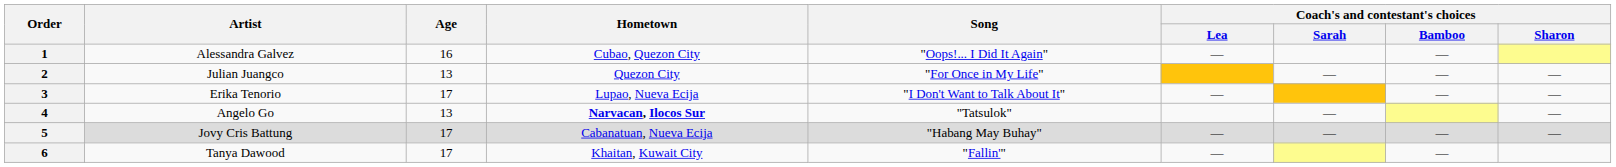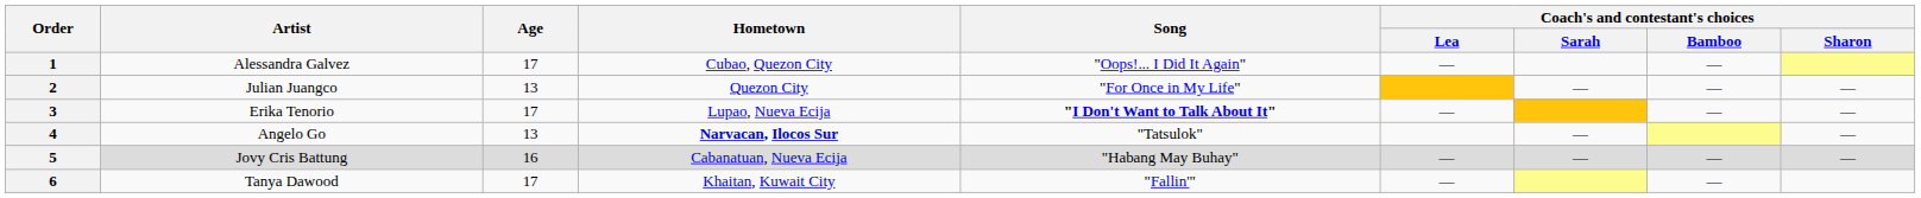 <table class="wikitable" style="text-align:center; line-height:17px; width:100%;">
 <tr>
 <th scope="col" rowspan="2" width="05%">Order</th>
 <th scope="col" rowspan="2" width="20%">Artist</th>
 <th scope="col" rowspan="2" width="05%">Age</th>
 <th scope="col" rowspan="2" width="20%">Hometown</th>
 <th scope="col" rowspan="2" width="22%">Song</th>
 <th scope="col" colspan="4" width="28%">Coach's and contestant's choices</th>
 </tr>
 <tr>
 <th width="07%"><a href='#'>Lea</a></th>
 <th width="07%"><a href='#'>Sarah</a></th>
 <th width="07%"><a href='#'>Bamboo</a></th>
 <th width="07%"><a href='#'>Sharon</a></th>
 </tr>
 <tr>
 <th>1</th>
 <td>Alessandra Galvez</td>
-<td>16</td>
+<td>17</td>
 <td><a href='#'>Cubao</a>, <a href='#'>Quezon City</a></td>
 <td>"<a href='#'>Oops!... I Did It Again</a>"</td>
 <td>—</td>
 <td><strong></strong></td>
 <td>—</td>
 <td style="background:#fdfc8f;"><strong></strong></td>
 </tr>
 <tr>
 <th>2</th>
 <td>Julian Juangco</td>
 <td>13</td>
 <td><a href='#'>Quezon City</a></td>
 <td>"<a href='#'>For Once in My Life</a>"</td>
 <td style="background:#FFC40C;"><strong></strong></td>
 <td>—</td>
 <td>—</td>
 <td>—</td>
 </tr>
 <tr>
 <th>3</th>
 <td>Erika Tenorio</td>
 <td>17</td>
 <td><a href='#'>Lupao</a>, <a href='#'>Nueva Ecija</a></td>
-<td>"<a href='#'>I Don't Want to Talk About It</a>"</td>
+<td><strong>"<a href='#'>I Don't Want to Talk About It</a>"</strong></td>
 <td>—</td>
 <td style="background:#FFC40C;"><strong></strong></td>
 <td>—</td>
 <td>—</td>
 </tr>
 <tr>
 <th>4</th>
 <td>Angelo Go</td>
 <td>13</td>
 <td><strong><a href='#'>Narvacan</a>, <a href='#'>Ilocos Sur</a></strong></td>
 <td>"Tatsulok"</td>
 <td><strong></strong></td>
 <td>—</td>
 <td style="background:#fdfc8f;"><strong></strong></td>
 <td>—</td>
 </tr>
 <tr>
 <th>5</th>
 <td style="background:#DCDCDC;">Jovy Cris Battung</td>
-<td style="background:#DCDCDC;">17</td>
+<td style="background:#DCDCDC;">16</td>
 <td style="background:#DCDCDC;"><a href='#'>Cabanatuan</a>, <a href='#'>Nueva Ecija</a></td>
 <td style="background:#DCDCDC;">"Habang May Buhay"</td>
 <td style="background:#DCDCDC;">—</td>
 <td style="background:#DCDCDC;">—</td>
 <td style="background:#DCDCDC;">—</td>
 <td style="background:#DCDCDC;">—</td>
 </tr>
 <tr>
 <th>6</th>
 <td>Tanya Dawood</td>
 <td>17</td>
 <td><a href='#'>Khaitan</a>, <a href='#'>Kuwait City</a></td>
 <td>"<a href='#'>Fallin'</a>"</td>
 <td>—</td>
 <td style="background:#fdfc8f;"><strong></strong></td>
 <td>—</td>
 <td><strong></strong></td>
 </tr>
 </table>
